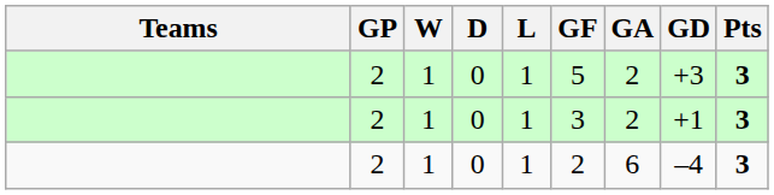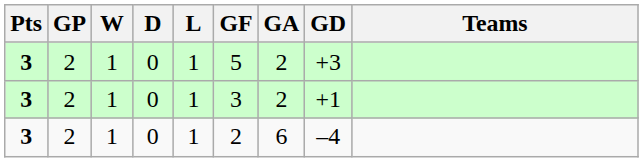 <table class="wikitable">
 <tr style="text-align:center; background:#efefef;">
-<th width=185>Teams</th>
+<th width=20>Pts</th>
 <th width=20>GP</th>
 <th width=20>W</th>
 <th width=20>D</th>
 <th width=20>L</th>
 <th width=20>GF</th>
 <th width=20>GA</th>
 <th width=20>GD</th>
-<th width=20>Pts</th>
+<th width=185>Teams</th>
 </tr>
 <tr style="text-align:center; background:#cfc;">
-<td style="text-align:left;"></td>
+<td><strong>3</strong></td>
 <td>2</td>
 <td>1</td>
 <td>0</td>
 <td>1</td>
 <td>5</td>
 <td>2</td>
 <td>+3</td>
-<td><strong>3</strong></td>
+<td style="text-align:left;"></td>
 </tr>
 <tr style="text-align:center; background:#cfc;">
-<td style="text-align:left;"></td>
+<td><strong>3</strong></td>
 <td>2</td>
 <td>1</td>
 <td>0</td>
 <td>1</td>
 <td>3</td>
 <td>2</td>
 <td>+1</td>
-<td><strong>3</strong></td>
+<td style="text-align:left;"></td>
 </tr>
 <tr align=center>
-<td style="text-align:left;"></td>
+<td><strong>3</strong></td>
 <td>2</td>
 <td>1</td>
 <td>0</td>
 <td>1</td>
 <td>2</td>
 <td>6</td>
 <td>–4</td>
-<td><strong>3</strong></td>
+<td style="text-align:left;"></td>
 </tr>
 </table>
